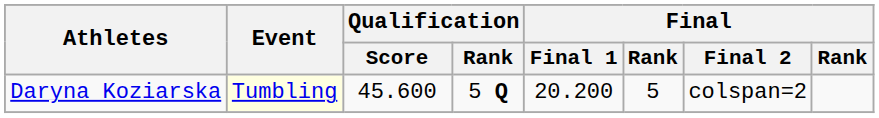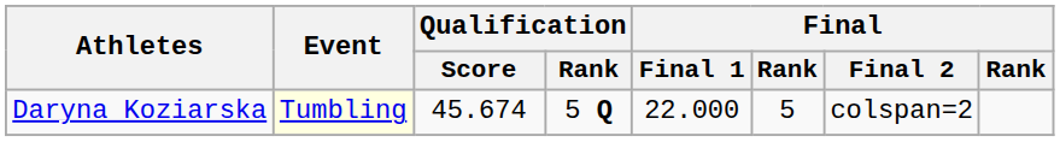 <table class=wikitable style="font-size:90%">
 <tr>
 <th rowspan="2">Athletes</th>
 <th rowspan="2">Event</th>
 <th colspan="2">Qualification</th>
 <th colspan="4">Final</th>
 </tr>
 <tr style="font-size:95%">
 <th>Score</th>
 <th>Rank</th>
 <th>Final 1</th>
 <th>Rank</th>
 <th>Final 2</th>
 <th>Rank</th>
 </tr>
 <tr align=center>
 <td align=left><a href='#'>Daryna Koziarska</a></td>
 <td align=left style="background: lightyellow;"><a href='#'>Tumbling</a></td>
-<td>45.600</td>
+<td>45.674</td>
 <td>5 <strong>Q</strong></td>
-<td>20.200</td>
+<td>22.000</td>
 <td>5</td>
 <td>colspan=2 </td>
 </tr>
 </table>
